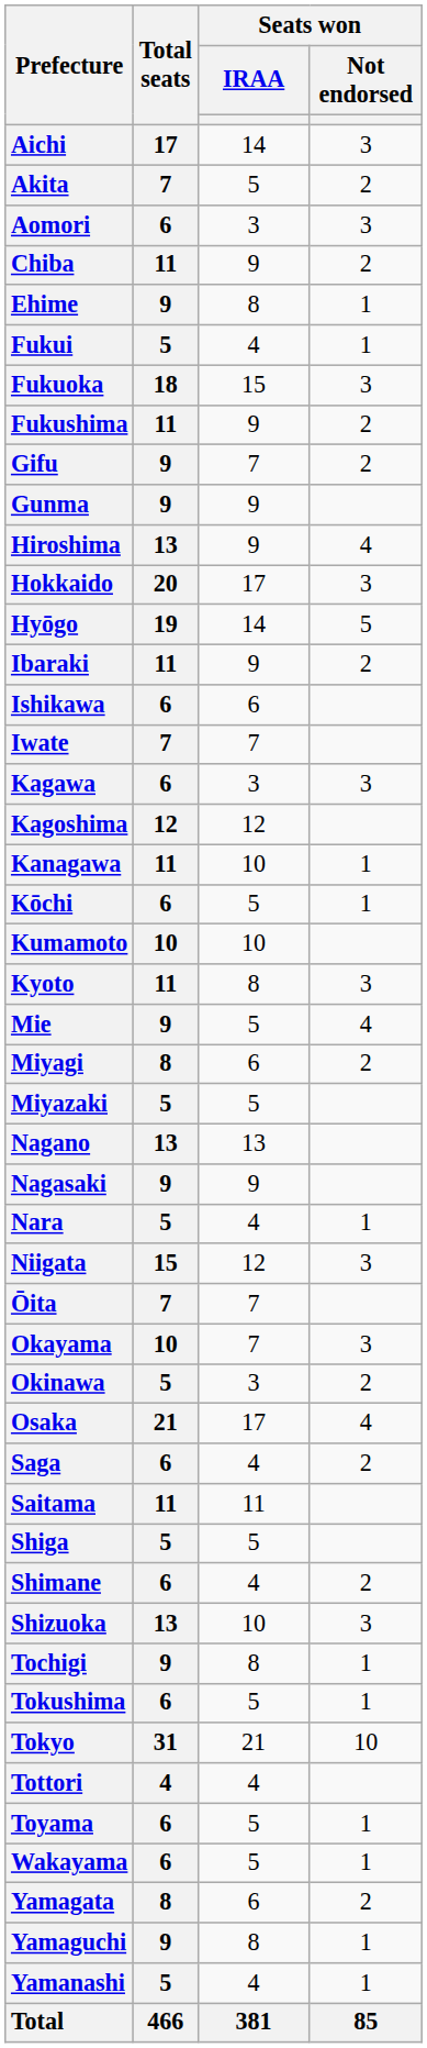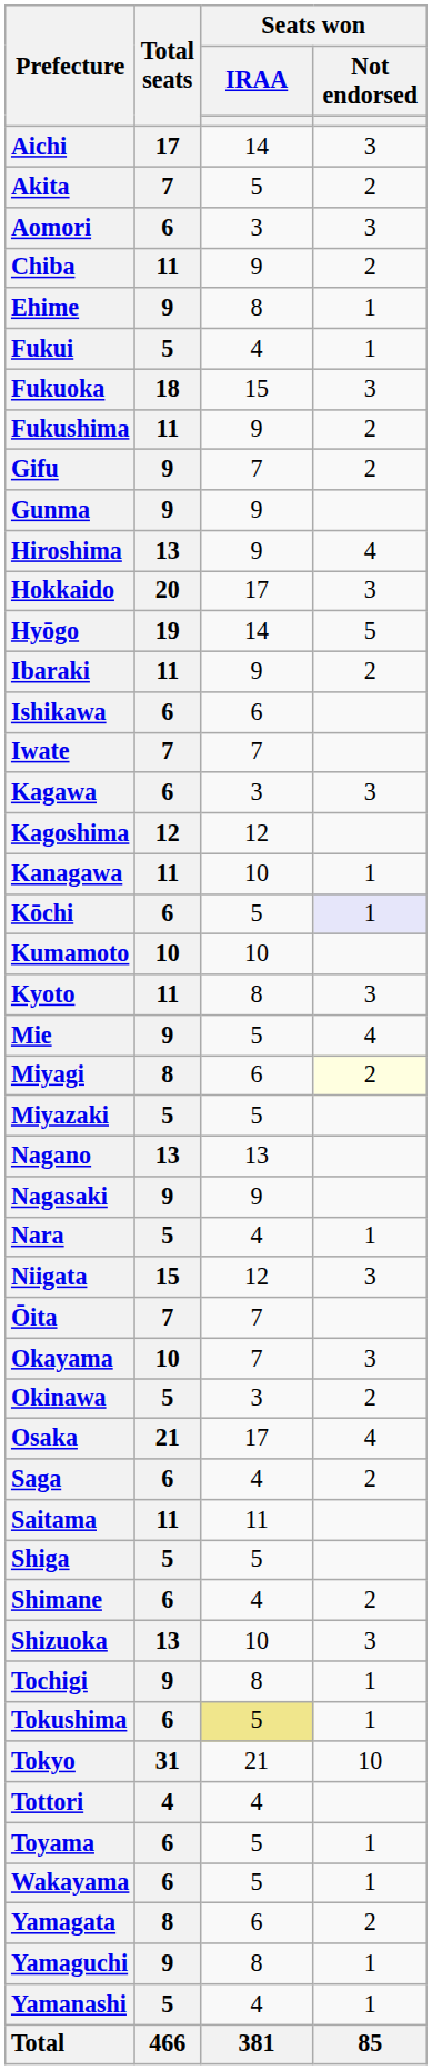 <table class="wikitable" style="text-align:center; font-size: 0.9em;">
 <tr>
 <th rowspan="3">Prefecture</th>
 <th rowspan="3">Total<br>seats</th>
 <th colspan="2">Seats won</th>
 </tr>
 <tr>
 <th class="unsortable" style="width:60px;"><a href='#'>IRAA</a></th>
 <th class="unsortable" style="width:60px;">Not endorsed</th>
 </tr>
 <tr>
 <th style="background:"></th>
 <th style="background:"></th>
 </tr>
 <tr>
 <th style="text-align: left;"><a href='#'>Aichi</a></th>
 <th>17</th>
 <td>14</td>
 <td>3</td>
 </tr>
 <tr>
 <th style="text-align: left;"><a href='#'>Akita</a></th>
 <th>7</th>
 <td>5</td>
 <td>2</td>
 </tr>
 <tr>
 <th style="text-align: left;"><a href='#'>Aomori</a></th>
 <th>6</th>
 <td>3</td>
 <td>3</td>
 </tr>
 <tr>
 <th style="text-align: left;"><a href='#'>Chiba</a></th>
 <th>11</th>
 <td>9</td>
 <td>2</td>
 </tr>
 <tr>
 <th style="text-align: left;"><a href='#'>Ehime</a></th>
 <th>9</th>
 <td>8</td>
 <td>1</td>
 </tr>
 <tr>
 <th style="text-align: left;"><a href='#'>Fukui</a></th>
 <th>5</th>
 <td>4</td>
 <td>1</td>
 </tr>
 <tr>
 <th style="text-align: left;"><a href='#'>Fukuoka</a></th>
 <th>18</th>
 <td>15</td>
 <td>3</td>
 </tr>
 <tr>
 <th style="text-align: left;"><a href='#'>Fukushima</a></th>
 <th>11</th>
 <td>9</td>
 <td>2</td>
 </tr>
 <tr>
 <th style="text-align: left;"><a href='#'>Gifu</a></th>
 <th>9</th>
 <td>7</td>
 <td>2</td>
 </tr>
 <tr>
 <th style="text-align: left;"><a href='#'>Gunma</a></th>
 <th>9</th>
 <td>9</td>
 <td></td>
 </tr>
 <tr>
 <th style="text-align: left;"><a href='#'>Hiroshima</a></th>
 <th>13</th>
 <td>9</td>
 <td>4</td>
 </tr>
 <tr>
 <th style="text-align: left;"><a href='#'>Hokkaido</a></th>
 <th>20</th>
 <td>17</td>
 <td>3</td>
 </tr>
 <tr>
 <th style="text-align: left;"><a href='#'>Hyōgo</a></th>
 <th>19</th>
 <td>14</td>
 <td>5</td>
 </tr>
 <tr>
 <th style="text-align: left;"><a href='#'>Ibaraki</a></th>
 <th>11</th>
 <td>9</td>
 <td>2</td>
 </tr>
 <tr>
 <th style="text-align: left;"><a href='#'>Ishikawa</a></th>
 <th>6</th>
 <td>6</td>
 <td></td>
 </tr>
 <tr>
 <th style="text-align: left;"><a href='#'>Iwate</a></th>
 <th>7</th>
 <td>7</td>
 <td></td>
 </tr>
 <tr>
 <th style="text-align: left;"><a href='#'>Kagawa</a></th>
 <th>6</th>
 <td>3</td>
 <td>3</td>
 </tr>
 <tr>
 <th style="text-align: left;"><a href='#'>Kagoshima</a></th>
 <th>12</th>
 <td>12</td>
 <td></td>
 </tr>
 <tr>
 <th style="text-align: left;"><a href='#'>Kanagawa</a></th>
 <th>11</th>
 <td>10</td>
 <td>1</td>
 </tr>
 <tr>
 <th style="text-align: left;"><a href='#'>Kōchi</a></th>
 <th>6</th>
 <td>5</td>
-<td>1</td>
+<td style="background: lavender;">1</td>
 </tr>
 <tr>
 <th style="text-align: left;"><a href='#'>Kumamoto</a></th>
 <th>10</th>
 <td>10</td>
 <td></td>
 </tr>
 <tr>
 <th style="text-align: left;"><a href='#'>Kyoto</a></th>
 <th>11</th>
 <td>8</td>
 <td>3</td>
 </tr>
 <tr>
 <th style="text-align: left;"><a href='#'>Mie</a></th>
 <th>9</th>
 <td>5</td>
 <td>4</td>
 </tr>
 <tr>
 <th style="text-align: left;"><a href='#'>Miyagi</a></th>
 <th>8</th>
 <td>6</td>
-<td>2</td>
+<td style="background: lightyellow;">2</td>
 </tr>
 <tr>
 <th style="text-align: left;"><a href='#'>Miyazaki</a></th>
 <th>5</th>
 <td>5</td>
 <td></td>
 </tr>
 <tr>
 <th style="text-align: left;"><a href='#'>Nagano</a></th>
 <th>13</th>
 <td>13</td>
 <td></td>
 </tr>
 <tr>
 <th style="text-align: left;"><a href='#'>Nagasaki</a></th>
 <th>9</th>
 <td>9</td>
 <td></td>
 </tr>
 <tr>
 <th style="text-align: left;"><a href='#'>Nara</a></th>
 <th>5</th>
 <td>4</td>
 <td>1</td>
 </tr>
 <tr>
 <th style="text-align: left;"><a href='#'>Niigata</a></th>
 <th>15</th>
 <td>12</td>
 <td>3</td>
 </tr>
 <tr>
 <th style="text-align: left;"><a href='#'>Ōita</a></th>
 <th>7</th>
 <td>7</td>
 <td></td>
 </tr>
 <tr>
 <th style="text-align: left;"><a href='#'>Okayama</a></th>
 <th>10</th>
 <td>7</td>
 <td>3</td>
 </tr>
 <tr>
 <th style="text-align: left;"><a href='#'>Okinawa</a></th>
 <th>5</th>
 <td>3</td>
 <td>2</td>
 </tr>
 <tr>
 <th style="text-align: left;"><a href='#'>Osaka</a></th>
 <th>21</th>
 <td>17</td>
 <td>4</td>
 </tr>
 <tr>
 <th style="text-align: left;"><a href='#'>Saga</a></th>
 <th>6</th>
 <td>4</td>
 <td>2</td>
 </tr>
 <tr>
 <th style="text-align: left;"><a href='#'>Saitama</a></th>
 <th>11</th>
 <td>11</td>
 <td></td>
 </tr>
 <tr>
 <th style="text-align: left;"><a href='#'>Shiga</a></th>
 <th>5</th>
 <td>5</td>
 <td></td>
 </tr>
 <tr>
 <th style="text-align: left;"><a href='#'>Shimane</a></th>
 <th>6</th>
 <td>4</td>
 <td>2</td>
 </tr>
 <tr>
 <th style="text-align: left;"><a href='#'>Shizuoka</a></th>
 <th>13</th>
 <td>10</td>
 <td>3</td>
 </tr>
 <tr>
 <th style="text-align: left;"><a href='#'>Tochigi</a></th>
 <th>9</th>
 <td>8</td>
 <td>1</td>
 </tr>
 <tr>
 <th style="text-align: left;"><a href='#'>Tokushima</a></th>
 <th>6</th>
-<td>5</td>
+<td style="background: khaki;">5</td>
 <td>1</td>
 </tr>
 <tr>
 <th style="text-align: left;"><a href='#'>Tokyo</a></th>
 <th>31</th>
 <td>21</td>
 <td>10</td>
 </tr>
 <tr>
 <th style="text-align: left;"><a href='#'>Tottori</a></th>
 <th>4</th>
 <td>4</td>
 <td></td>
 </tr>
 <tr>
 <th style="text-align: left;"><a href='#'>Toyama</a></th>
 <th>6</th>
 <td>5</td>
 <td>1</td>
 </tr>
 <tr>
 <th style="text-align: left;"><a href='#'>Wakayama</a></th>
 <th>6</th>
 <td>5</td>
 <td>1</td>
 </tr>
 <tr>
 <th style="text-align: left;"><a href='#'>Yamagata</a></th>
 <th>8</th>
 <td>6</td>
 <td>2</td>
 </tr>
 <tr>
 <th style="text-align: left;"><a href='#'>Yamaguchi</a></th>
 <th>9</th>
 <td>8</td>
 <td>1</td>
 </tr>
 <tr>
 <th style="text-align: left;"><a href='#'>Yamanashi</a></th>
 <th>5</th>
 <td>4</td>
 <td>1</td>
 </tr>
 <tr class="sortbottom">
 <th style="text-align: left;">Total</th>
 <th>466</th>
 <th>381</th>
 <th>85</th>
 </tr>
 </table>
